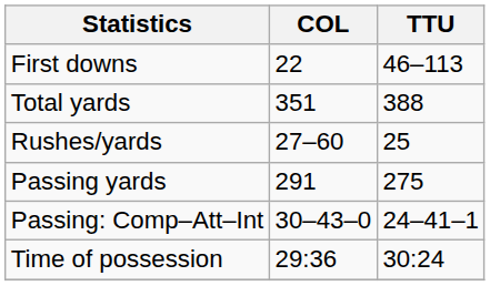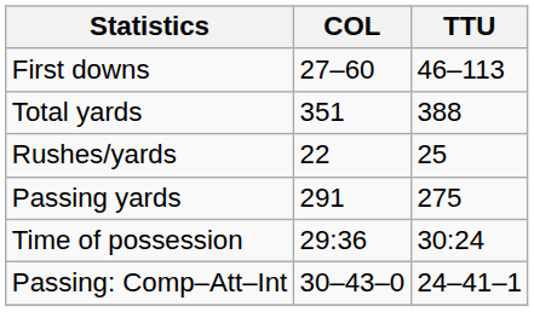 <table class="wikitable" style="float: left;">
 <tr>
 <th>Statistics</th>
 <th>COL</th>
 <th>TTU</th>
 </tr>
 <tr>
 <td>First downs</td>
-<td>22</td>
+<td>27–60</td>
 <td>46–113</td>
 </tr>
 <tr>
 <td>Total yards</td>
 <td>351</td>
 <td>388</td>
 </tr>
 <tr>
 <td>Rushes/yards</td>
-<td>27–60</td>
+<td>22</td>
 <td>25</td>
 </tr>
 <tr>
 <td>Passing yards</td>
 <td>291</td>
 <td>275</td>
 </tr>
 <tr>
+<td>Time of possession</td>
+<td>29:36</td>
+<td>30:24</td>
+</tr>
+<tr>
 <td>Passing: Comp–Att–Int</td>
 <td>30–43–0</td>
 <td>24–41–1</td>
 </tr>
 <tr>
-<td>Time of possession</td>
-<td>29:36</td>
-<td>30:24</td>
-</tr>
-<tr>
 </tr>
 </table>
